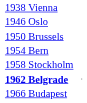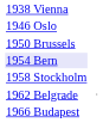 <table>
 <tr>
 <td><a href='#'>1938 Vienna</a><br></td>
 <td></td>
 <td></td>
 <td></td>
 </tr>
 <tr>
 <td><a href='#'>1946 Oslo</a><br></td>
 <td></td>
 <td></td>
 <td></td>
 </tr>
 <tr>
 <td><a href='#'>1950 Brussels</a><br></td>
 <td></td>
 <td></td>
 <td></td>
 </tr>
 <tr>
-<td><a href='#'>1954 Bern</a><br></td>
+<td style="background: lavender;"><a href='#'>1954 Bern</a><br></td>
 <td></td>
 <td></td>
 <td></td>
 </tr>
 <tr>
 <td><a href='#'>1958 Stockholm</a><br></td>
 <td></td>
 <td></td>
 <td></td>
 </tr>
 <tr>
-<td><strong><a href='#'>1962 Belgrade</a><br></strong></td>
+<td><a href='#'>1962 Belgrade</a><br></td>
 <td></td>
 <td></td>
 <td><hr></td>
 </tr>
 <tr>
 <td><a href='#'>1966 Budapest</a><br></td>
 <td></td>
 <td></td>
 <td></td>
 </tr>
 </table>
